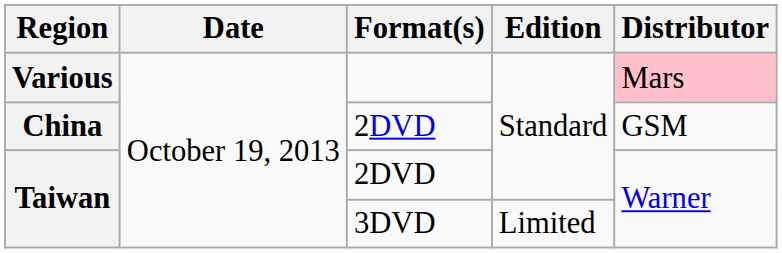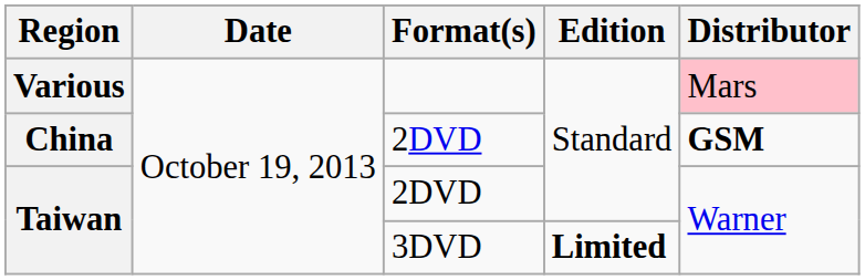 <table class="wikitable plainrowheaders">
 <tr>
 <th>Region</th>
 <th>Date</th>
 <th>Format(s)</th>
 <th>Edition</th>
 <th>Distributor</th>
 </tr>
 <tr>
 <th scope="row">Various</th>
 <td rowspan="4">October 19, 2013</td>
 <td></td>
 <td rowspan="3">Standard</td>
 <td style="background: pink;">Mars</td>
 </tr>
 <tr>
 <th scope="row">China</th>
 <td>2<a href='#'>DVD</a></td>
-<td>GSM</td>
+<td><strong>GSM</strong></td>
 </tr>
 <tr>
 <th scope="row" rowspan="2">Taiwan</th>
 <td>2DVD</td>
 <td rowspan="2"><a href='#'>Warner</a></td>
 </tr>
 <tr>
 <td>3DVD</td>
-<td>Limited</td>
+<td><strong>Limited</strong></td>
 </tr>
 </table>
